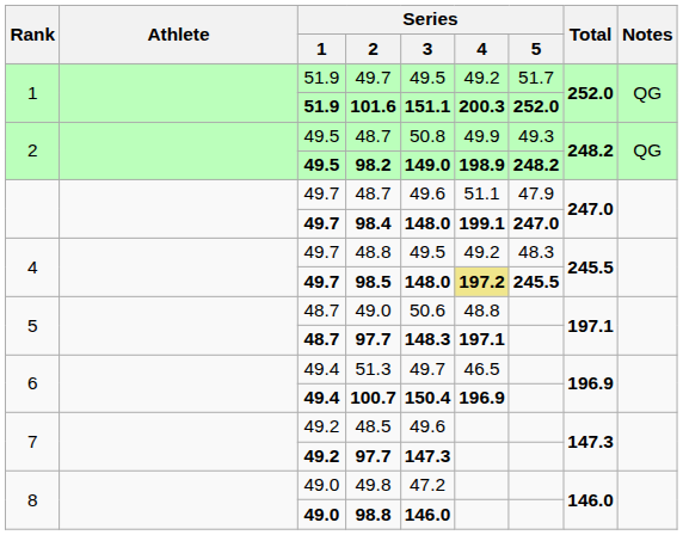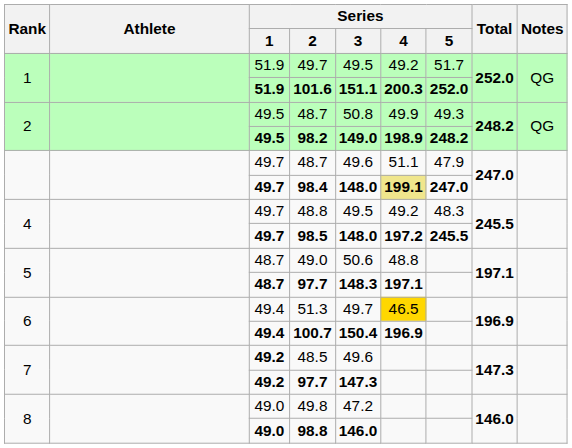 <table class="wikitable" style="text-align:center">
 <tr>
 <th rowspan=2 width=40>Rank</th>
 <th rowspan=2 width=200>Athlete</th>
 <th colspan=5>Series</th>
 <th rowspan=2 width=40>Total</th>
 <th rowspan=2>Notes</th>
 </tr>
 <tr>
 <th width=35>1</th>
 <th width=35>2</th>
 <th width=35>3</th>
 <th width=35>4</th>
 <th width=35>5</th>
 </tr>
 <tr bgcolor=bbffbb>
 <td rowspan=2>1</td>
 <td rowspan=2 align=left></td>
 <td>51.9</td>
 <td>49.7</td>
 <td>49.5</td>
 <td>49.2</td>
 <td>51.7</td>
 <td rowspan=2><strong>252.0</strong></td>
 <td rowspan=2>QG</td>
 </tr>
 <tr bgcolor=bbffbb>
 <td><strong>51.9</strong></td>
 <td><strong>101.6</strong></td>
 <td><strong>151.1</strong></td>
 <td><strong>200.3</strong></td>
 <td><strong>252.0</strong></td>
 </tr>
 <tr bgcolor=bbffbb>
 <td rowspan=2>2</td>
 <td rowspan=2 align=left></td>
 <td>49.5</td>
 <td>48.7</td>
 <td>50.8</td>
 <td>49.9</td>
 <td>49.3</td>
 <td rowspan=2><strong>248.2</strong></td>
 <td rowspan=2>QG</td>
 </tr>
 <tr bgcolor=bbffbb>
 <td><strong>49.5</strong></td>
 <td><strong>98.2</strong></td>
 <td><strong>149.0</strong></td>
 <td><strong>198.9</strong></td>
 <td><strong>248.2</strong></td>
 </tr>
 <tr>
 <td rowspan=2></td>
 <td rowspan=2 align=left></td>
 <td>49.7</td>
 <td>48.7</td>
 <td>49.6</td>
 <td>51.1</td>
 <td>47.9</td>
 <td rowspan=2><strong>247.0</strong></td>
 <td rowspan=2></td>
 </tr>
 <tr>
 <td><strong>49.7</strong></td>
 <td><strong>98.4</strong></td>
 <td><strong>148.0</strong></td>
-<td><strong>199.1</strong></td>
+<td style="background: khaki;"><strong>199.1</strong></td>
 <td><strong>247.0</strong></td>
 </tr>
 <tr>
 <td rowspan=2>4</td>
 <td rowspan=2 align=left></td>
 <td>49.7</td>
 <td>48.8</td>
 <td>49.5</td>
 <td>49.2</td>
 <td>48.3</td>
 <td rowspan=2><strong>245.5</strong></td>
 <td rowspan=2></td>
 </tr>
 <tr>
 <td><strong>49.7</strong></td>
 <td><strong>98.5</strong></td>
 <td><strong>148.0</strong></td>
-<td style="background: khaki;"><strong>197.2</strong></td>
+<td><strong>197.2</strong></td>
 <td><strong>245.5</strong></td>
 </tr>
 <tr>
 <td rowspan=2>5</td>
 <td rowspan=2 align=left></td>
 <td>48.7</td>
 <td>49.0</td>
 <td>50.6</td>
 <td>48.8</td>
 <td></td>
 <td rowspan=2><strong>197.1</strong></td>
 <td rowspan=2></td>
 </tr>
 <tr>
 <td><strong>48.7</strong></td>
 <td><strong>97.7</strong></td>
 <td><strong>148.3</strong></td>
 <td><strong>197.1</strong></td>
 <td></td>
 </tr>
 <tr>
 <td rowspan=2>6</td>
 <td rowspan=2 align=left></td>
 <td>49.4</td>
 <td>51.3</td>
 <td>49.7</td>
-<td>46.5</td>
+<td style="background: gold;">46.5</td>
 <td></td>
 <td rowspan=2><strong>196.9</strong></td>
 <td rowspan=2></td>
 </tr>
 <tr>
 <td><strong>49.4</strong></td>
 <td><strong>100.7</strong></td>
 <td><strong>150.4</strong></td>
 <td><strong>196.9</strong></td>
 <td></td>
 </tr>
 <tr>
 <td rowspan=2>7</td>
 <td rowspan=2 align=left></td>
-<td>49.2</td>
+<td><strong>49.2</strong></td>
 <td>48.5</td>
 <td>49.6</td>
 <td></td>
 <td></td>
 <td rowspan=2><strong>147.3</strong></td>
 <td rowspan=2></td>
 </tr>
 <tr>
 <td><strong>49.2</strong></td>
 <td><strong>97.7</strong></td>
 <td><strong>147.3</strong></td>
 <td></td>
 <td></td>
 </tr>
 <tr>
 <td rowspan=2>8</td>
 <td rowspan=2 align=left></td>
 <td>49.0</td>
 <td>49.8</td>
 <td>47.2</td>
 <td></td>
 <td></td>
 <td rowspan=2><strong>146.0</strong></td>
 <td rowspan=2></td>
 </tr>
 <tr>
 <td><strong>49.0</strong></td>
 <td><strong>98.8</strong></td>
 <td><strong>146.0</strong></td>
 <td></td>
 <td></td>
 </tr>
 </table>
